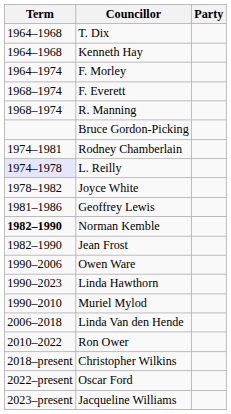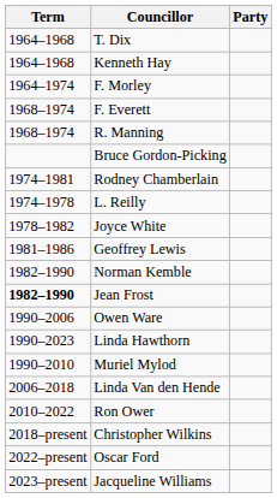 <table class="wikitable">
 <tr>
 <th>Term</th>
 <th>Councillor</th>
 <th colspan=2>Party</th>
 </tr>
 <tr>
 <td>1964–1968</td>
 <td>T. Dix</td>
 <td></td>
 </tr>
 <tr>
 <td>1964–1968</td>
 <td>Kenneth Hay</td>
 <td></td>
 </tr>
 <tr>
 <td>1964–1974</td>
 <td>F. Morley</td>
 <td></td>
 </tr>
 <tr>
 <td>1968–1974</td>
 <td>F. Everett</td>
 <td></td>
 </tr>
 <tr>
 <td>1968–1974</td>
 <td>R. Manning</td>
 <td></td>
 </tr>
 <tr>
 <td></td>
 <td>Bruce Gordon-Picking</td>
 <td></td>
 </tr>
 <tr>
 <td>1974–1981</td>
 <td>Rodney Chamberlain</td>
 <td></td>
 </tr>
 <tr>
-<td style="background: lavender;">1974–1978</td>
+<td>1974–1978</td>
 <td>L. Reilly</td>
 <td></td>
 </tr>
 <tr>
 <td>1978–1982</td>
 <td>Joyce White</td>
 <td></td>
 </tr>
 <tr>
 <td>1981–1986</td>
 <td>Geoffrey Lewis</td>
 <td></td>
 </tr>
 <tr>
-<td><strong>1982–1990</strong></td>
+<td>1982–1990</td>
 <td>Norman Kemble</td>
 <td></td>
 </tr>
 <tr>
-<td>1982–1990</td>
+<td><strong>1982–1990</strong></td>
 <td>Jean Frost</td>
 <td></td>
 </tr>
 <tr>
 <td>1990–2006</td>
 <td>Owen Ware</td>
 <td></td>
 </tr>
 <tr>
 <td>1990–2023</td>
 <td>Linda Hawthorn</td>
 <td></td>
 </tr>
 <tr>
 <td>1990–2010</td>
 <td>Muriel Mylod</td>
 <td></td>
 </tr>
 <tr>
 <td>2006–2018</td>
 <td>Linda Van den Hende</td>
 <td></td>
 </tr>
 <tr>
 <td>2010–2022</td>
 <td>Ron Ower</td>
 <td></td>
 </tr>
 <tr>
 <td>2018–present</td>
 <td>Christopher Wilkins</td>
 <td></td>
 </tr>
 <tr>
 <td>2022–present</td>
 <td>Oscar Ford</td>
 <td></td>
 </tr>
 <tr>
 <td>2023–present</td>
 <td>Jacqueline Williams</td>
 <td></td>
 </tr>
 </table>
